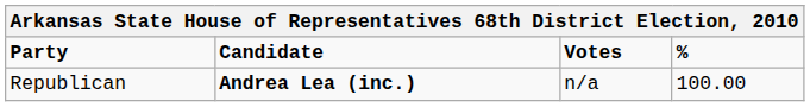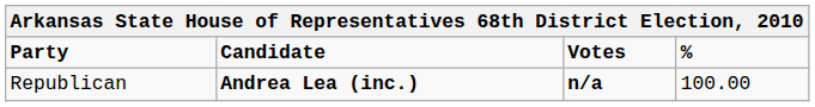 <table class="wikitable">
 <tr>
 <th colspan="4">Arkansas State House of Representatives 68th District Election, 2010</th>
 </tr>
 <tr>
 <td><strong>Party</strong></td>
 <td><strong>Candidate</strong></td>
 <td><strong>Votes</strong></td>
 <td><strong>%</strong></td>
 </tr>
 <tr>
 <td>Republican</td>
 <td><strong>Andrea Lea (inc.)</strong></td>
-<td>n/a</td>
+<td><strong>n/a</strong></td>
 <td>100.00</td>
 </tr>
 </table>
